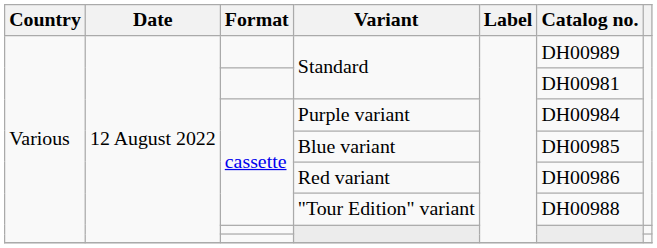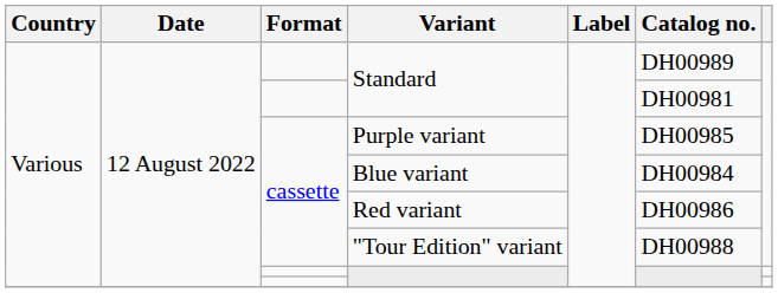 <table class="wikitable">
 <tr>
 <th>Country</th>
 <th>Date</th>
 <th>Format</th>
 <th scope="col">Variant</th>
 <th>Label</th>
 <th>Catalog no.</th>
 <th></th>
 </tr>
 <tr>
 <td rowspan="8">Various</td>
 <td rowspan="8">12 August 2022</td>
 <td rowspan="1"></td>
 <td rowspan="2">Standard</td>
 <td rowspan="8"></td>
 <td>DH00989</td>
 <td rowspan="6"></td>
 </tr>
 <tr>
 <td rowspan="1"></td>
 <td>DH00981</td>
 </tr>
 <tr>
 <td rowspan="4"><a href='#'>cassette</a></td>
 <td>Purple variant</td>
-<td>DH00984</td>
+<td>DH00985</td>
 </tr>
 <tr>
 <td>Blue variant</td>
-<td>DH00985</td>
+<td>DH00984</td>
 </tr>
 <tr>
 <td>Red variant</td>
 <td>DH00986</td>
 </tr>
 <tr>
 <td>"Tour Edition" variant</td>
 <td>DH00988</td>
 </tr>
 <tr>
 <td rowspan="1"></td>
 <td rowspan="2" style="background: #ececec"></td>
 <td rowspan="2" style="background: #ececec"></td>
 <td></td>
 </tr>
 <tr>
 <td rowspan="1"></td>
 <td></td>
 </tr>
 <tr>
 </tr>
 </table>
